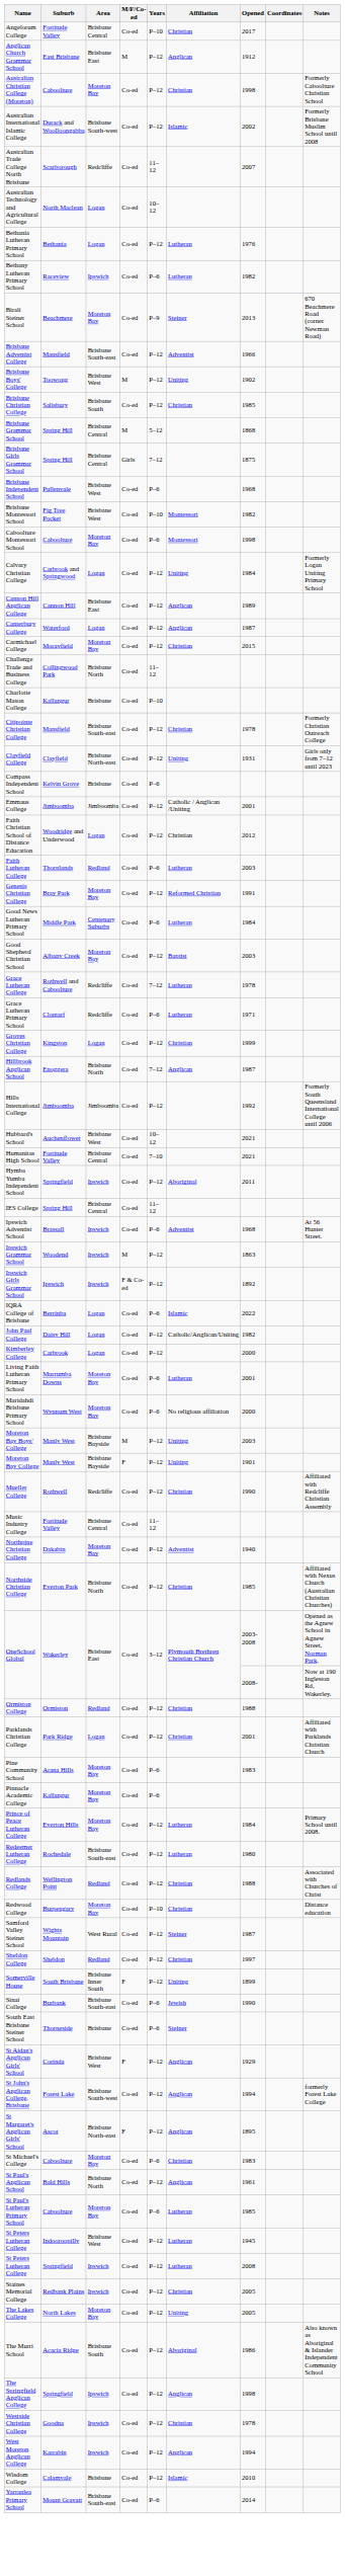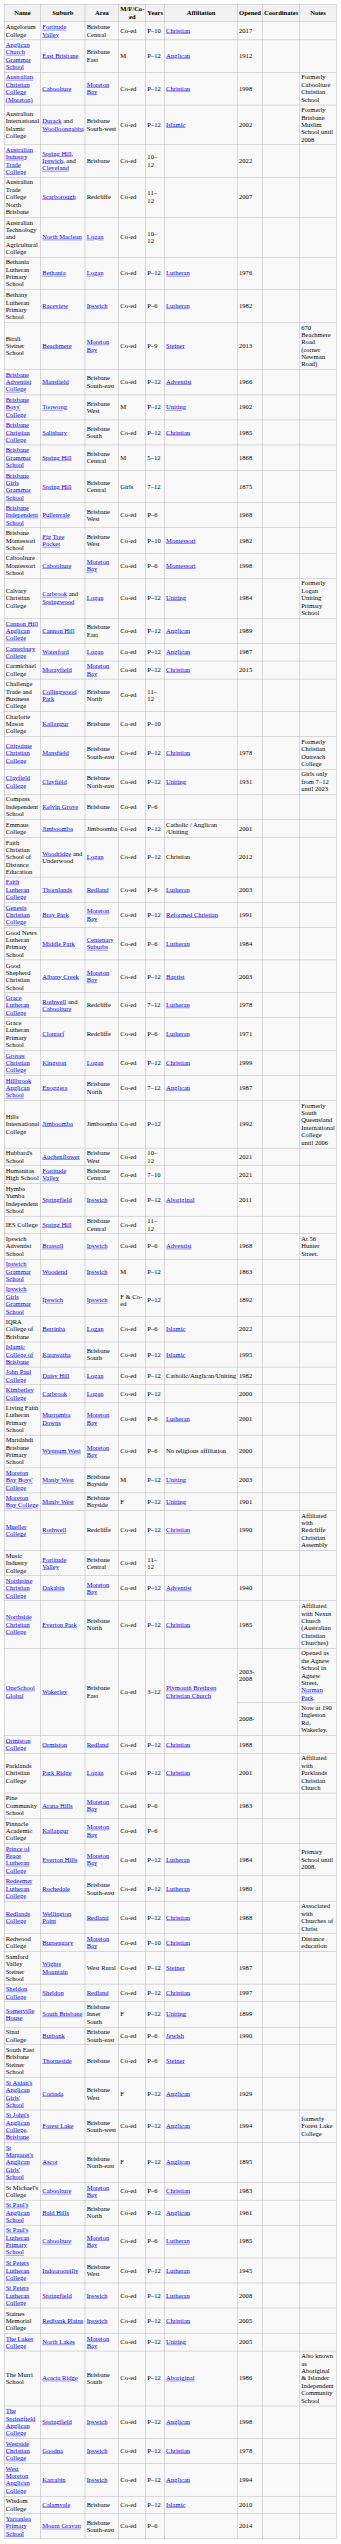 <table class="wikitable sortable">
 <tr>
 <th>Name</th>
 <th>Suburb</th>
 <th>Area</th>
 <th>M/F/Co-ed</th>
 <th>Years</th>
 <th>Affiliation</th>
 <th>Opened</th>
 <th>Coordinates</th>
 <th>Notes</th>
 </tr>
 <tr>
 <td>Angelorum College</td>
 <td><a href='#'>Fortitude Valley</a></td>
 <td>Brisbane Central</td>
 <td>Co-ed</td>
 <td>P–10</td>
 <td><a href='#'>Christian</a></td>
 <td>2017</td>
 <td></td>
 <td></td>
 </tr>
 <tr>
 <td><a href='#'>Anglican Church Grammar School</a></td>
 <td><a href='#'>East Brisbane</a></td>
 <td>Brisbane East</td>
 <td>M</td>
 <td>P–12</td>
 <td><a href='#'>Anglican</a></td>
 <td>1912</td>
 <td></td>
 <td></td>
 </tr>
 <tr>
 <td><a href='#'>Australian Christian College (Moreton)</a></td>
 <td><a href='#'>Caboolture</a></td>
 <td><a href='#'>Moreton Bay</a></td>
 <td>Co-ed</td>
 <td>P–12</td>
 <td><a href='#'>Christian</a></td>
 <td>1998</td>
 <td></td>
 <td>Formerly Caboolture Christian School</td>
 </tr>
 <tr>
 <td>Australian International Islamic College</td>
 <td><a href='#'>Durack</a> and <a href='#'>Woolloongabba</a></td>
 <td>Brisbane South-west</td>
 <td>Co-ed</td>
 <td>P–12</td>
 <td><a href='#'>Islamic</a></td>
 <td>2002</td>
 <td></td>
 <td>Formerly Brisbane Muslim School until 2008</td>
+</tr>
+<tr>
+<td><a href='#'>Australian Industry Trade College</a></td>
+<td><a href='#'>Spring Hill</a>, <a href='#'>Ipswich</a>, and <a href='#'>Cleveland</a></td>
+<td>Brisbane</td>
+<td>Co-ed</td>
+<td>10–12</td>
+<td></td>
+<td>2022</td>
+<td></td>
+<td></td>
 </tr>
 <tr>
 <td>Australian Trade College North Brisbane</td>
 <td><a href='#'>Scarborough</a></td>
 <td>Redcliffe</td>
 <td>Co-ed</td>
 <td>11–12</td>
 <td></td>
 <td>2007</td>
 <td></td>
 <td></td>
 </tr>
 <tr>
 <td>Australian Technology and Agricultural College</td>
 <td><a href='#'>North Maclean</a></td>
 <td><a href='#'>Logan</a></td>
 <td>Co-ed</td>
 <td>10–12</td>
 <td></td>
 <td></td>
 <td></td>
 <td></td>
 </tr>
 <tr>
 <td>Bethania Lutheran Primary School</td>
 <td><a href='#'>Bethania</a></td>
 <td><a href='#'>Logan</a></td>
 <td>Co-ed</td>
 <td>P–12</td>
 <td><a href='#'>Lutheran</a></td>
 <td>1976</td>
 <td></td>
 <td></td>
 </tr>
 <tr>
 <td>Bethany Lutheran Primary School</td>
 <td><a href='#'>Raceview</a></td>
 <td><a href='#'>Ipswich</a></td>
 <td>Co-ed</td>
 <td>P–6</td>
 <td><a href='#'>Lutheran</a></td>
 <td>1982</td>
 <td></td>
 <td></td>
 </tr>
 <tr>
 <td>Birali Steiner School</td>
 <td><a href='#'>Beachmere</a></td>
 <td><a href='#'>Moreton Bay</a></td>
 <td>Co-ed</td>
 <td>P–9</td>
 <td><a href='#'>Steiner</a></td>
 <td>2013</td>
 <td></td>
 <td>670 Beachmere Road (corner Newman Road)</td>
 </tr>
 <tr>
 <td><a href='#'>Brisbane Adventist College</a></td>
 <td><a href='#'>Mansfield</a></td>
 <td>Brisbane South-east</td>
 <td>Co-ed</td>
 <td>P–12</td>
 <td><a href='#'>Adventist</a></td>
 <td>1966</td>
 <td></td>
 <td></td>
 </tr>
 <tr>
 <td><a href='#'>Brisbane Boys' College</a></td>
 <td><a href='#'>Toowong</a></td>
 <td>Brisbane West</td>
 <td>M</td>
 <td>P–12</td>
 <td><a href='#'>Uniting</a></td>
 <td>1902</td>
 <td></td>
 <td></td>
 </tr>
 <tr>
 <td><a href='#'>Brisbane Christian College</a></td>
 <td><a href='#'>Salisbury</a></td>
 <td>Brisbane South</td>
 <td>Co-ed</td>
 <td>P–12</td>
 <td><a href='#'>Christian</a></td>
 <td>1985</td>
 <td></td>
 <td></td>
 </tr>
 <tr>
 <td><a href='#'>Brisbane Grammar School</a></td>
 <td><a href='#'>Spring Hill</a></td>
 <td>Brisbane Central</td>
 <td>M</td>
 <td>5–12</td>
 <td></td>
 <td>1868</td>
 <td></td>
 <td></td>
 </tr>
 <tr>
 <td><a href='#'>Brisbane Girls Grammar School</a></td>
 <td><a href='#'>Spring Hill</a></td>
 <td>Brisbane Central</td>
 <td>Girls</td>
 <td>7–12</td>
 <td></td>
 <td>1875</td>
 <td></td>
 <td></td>
 </tr>
 <tr>
 <td><a href='#'>Brisbane Independent School</a></td>
 <td><a href='#'>Pullenvale</a></td>
 <td>Brisbane West</td>
 <td>Co-ed</td>
 <td>P–6</td>
 <td></td>
 <td>1968</td>
 <td></td>
 <td></td>
 </tr>
 <tr>
 <td>Brisbane Montessori School</td>
 <td><a href='#'>Fig Tree Pocket</a></td>
 <td>Brisbane West</td>
 <td>Co-ed</td>
 <td>P–10</td>
 <td><a href='#'>Montessori</a></td>
 <td>1982</td>
 <td></td>
 <td></td>
 </tr>
 <tr>
 <td>Caboolture Montessori School</td>
 <td><a href='#'>Caboolture</a></td>
 <td><a href='#'>Moreton Bay</a></td>
 <td>Co-ed</td>
 <td>P–6</td>
 <td><a href='#'>Montessori</a></td>
 <td>1998</td>
 <td></td>
 <td></td>
 </tr>
 <tr>
 <td>Calvary Christian College</td>
 <td><a href='#'>Carbrook</a> and <a href='#'>Springwood</a></td>
 <td><a href='#'>Logan</a></td>
 <td>Co-ed</td>
 <td>P–12</td>
 <td><a href='#'>Uniting</a></td>
 <td>1984</td>
 <td></td>
 <td>Formerly Logan Uniting Primary School</td>
 </tr>
 <tr>
 <td><a href='#'>Cannon Hill Anglican College</a></td>
 <td><a href='#'>Cannon Hill</a></td>
 <td>Brisbane East</td>
 <td>Co-ed</td>
 <td>P–12</td>
 <td><a href='#'>Anglican</a></td>
 <td>1989</td>
 <td></td>
 <td></td>
 </tr>
 <tr>
 <td><a href='#'>Canterbury College</a></td>
 <td><a href='#'>Waterford</a></td>
 <td><a href='#'>Logan</a></td>
 <td>Co-ed</td>
 <td>P–12</td>
 <td><a href='#'>Anglican</a></td>
 <td>1987</td>
 <td></td>
 <td></td>
 </tr>
 <tr>
 <td>Carmichael College</td>
 <td><a href='#'>Morayfield</a></td>
 <td><a href='#'>Moreton Bay</a></td>
 <td>Co-ed</td>
 <td>P–12</td>
 <td><a href='#'>Christian</a></td>
 <td>2015</td>
 <td></td>
 <td></td>
 </tr>
 <tr>
 <td>Challenge Trade and Business College</td>
 <td><a href='#'>Collingwood Park</a></td>
 <td>Brisbane North</td>
 <td>Co-ed</td>
 <td>11–12</td>
 <td></td>
 <td></td>
 <td></td>
 <td></td>
 </tr>
 <tr>
 <td>Charlotte Mason College</td>
 <td><a href='#'>Kallangur</a></td>
 <td>Brisbane</td>
 <td>Co-ed</td>
 <td>P–10</td>
 <td></td>
 <td></td>
 <td></td>
 <td></td>
 </tr>
 <tr>
 <td><a href='#'>Citipointe Christian College</a></td>
 <td><a href='#'>Mansfield</a></td>
 <td>Brisbane South-east</td>
 <td>Co-ed</td>
 <td>P–12</td>
 <td><a href='#'>Christian</a></td>
 <td>1978</td>
 <td></td>
 <td>Formerly Christian Outreach College</td>
 </tr>
 <tr>
 <td><a href='#'>Clayfield College</a></td>
 <td><a href='#'>Clayfield</a></td>
 <td>Brisbane North-east</td>
 <td>Co-ed</td>
 <td>P–12</td>
 <td><a href='#'>Uniting</a></td>
 <td>1931</td>
 <td></td>
 <td>Girls only from 7–12 until 2023</td>
 </tr>
 <tr>
 <td>Compass Independent School</td>
 <td><a href='#'>Kelvin Grove</a></td>
 <td>Brisbane</td>
 <td>Co-ed</td>
 <td>P–6</td>
 <td></td>
 <td></td>
 <td></td>
 <td></td>
 </tr>
 <tr>
 <td>Emmaus College</td>
 <td><a href='#'>Jimboomba</a></td>
 <td>Jimboomba</td>
 <td>Co-ed</td>
 <td>P–12</td>
 <td>Catholic / Anglican /Uniting</td>
 <td>2001</td>
 <td></td>
 <td></td>
 </tr>
 <tr>
 <td>Faith Christian School of Distance Education</td>
 <td><a href='#'>Woodridge</a> and Underwood</td>
 <td><a href='#'>Logan</a></td>
 <td>Co-ed</td>
 <td>P–12</td>
 <td>Christian</td>
 <td>2012</td>
 <td></td>
 <td></td>
 </tr>
 <tr>
 <td><a href='#'>Faith Lutheran College</a></td>
 <td><a href='#'>Thornlands</a></td>
 <td><a href='#'>Redland</a></td>
 <td>Co-ed</td>
 <td>P–6</td>
 <td><a href='#'>Lutheran</a></td>
 <td>2003</td>
 <td></td>
 <td></td>
 </tr>
 <tr>
 <td><a href='#'>Genesis Christian College</a></td>
 <td><a href='#'>Bray Park</a></td>
 <td><a href='#'>Moreton Bay</a></td>
 <td>Co-ed</td>
 <td>P–12</td>
 <td><a href='#'>Reformed Christian</a></td>
 <td>1991</td>
 <td></td>
 <td></td>
 </tr>
 <tr>
 <td>Good News Lutheran Primary School</td>
 <td><a href='#'>Middle Park</a></td>
 <td><a href='#'>Centenary Suburbs</a></td>
 <td>Co-ed</td>
 <td>P–6</td>
 <td><a href='#'>Lutheran</a></td>
 <td>1984</td>
 <td></td>
 <td></td>
 </tr>
 <tr>
 <td>Good Shepherd Christian School</td>
 <td><a href='#'>Albany Creek</a></td>
 <td><a href='#'>Moreton Bay</a></td>
 <td>Co-ed</td>
 <td>P–12</td>
 <td><a href='#'>Baptist</a></td>
 <td>2003</td>
 <td></td>
 <td></td>
 </tr>
 <tr>
 <td><a href='#'>Grace Lutheran College</a></td>
 <td><a href='#'>Rothwell</a> and <a href='#'>Caboolture</a></td>
 <td>Redcliffe</td>
 <td>Co-ed</td>
 <td>7–12</td>
 <td><a href='#'>Lutheran</a></td>
 <td>1978</td>
 <td></td>
 <td></td>
 </tr>
 <tr>
 <td>Grace Lutheran Primary School</td>
 <td><a href='#'>Clontarf</a></td>
 <td>Redcliffe</td>
 <td>Co-ed</td>
 <td>P–6</td>
 <td><a href='#'>Lutheran</a></td>
 <td>1971</td>
 <td></td>
 <td></td>
 </tr>
 <tr>
 <td><a href='#'>Groves Christian College</a></td>
 <td><a href='#'>Kingston</a></td>
 <td><a href='#'>Logan</a></td>
 <td>Co-ed</td>
 <td>P–12</td>
 <td><a href='#'>Christian</a></td>
 <td>1999</td>
 <td></td>
 <td></td>
 </tr>
 <tr>
 <td><a href='#'>Hillbrook Anglican School</a></td>
 <td><a href='#'>Enoggera</a></td>
 <td>Brisbane North</td>
 <td>Co-ed</td>
 <td>7–12</td>
 <td><a href='#'>Anglican</a></td>
 <td>1987</td>
 <td></td>
 <td></td>
 </tr>
 <tr>
 <td>Hills International College</td>
 <td><a href='#'>Jimboomba</a></td>
 <td>Jimboomba</td>
 <td>Co-ed</td>
 <td>P–12</td>
 <td></td>
 <td>1992</td>
 <td></td>
 <td>Formerly South Queensland International College until 2006</td>
 </tr>
 <tr>
 <td>Hubbard's School</td>
 <td><a href='#'>Auchenflower</a></td>
 <td>Brisbane West</td>
 <td>Co-ed</td>
 <td>10–12</td>
 <td></td>
 <td>2021</td>
 <td></td>
 <td></td>
 </tr>
 <tr>
 <td>Humanitas High School</td>
 <td><a href='#'>Fortitude Valley</a></td>
 <td>Brisbane Central</td>
 <td>Co-ed</td>
 <td>7–10</td>
 <td></td>
 <td>2021</td>
 <td></td>
 <td></td>
 </tr>
 <tr>
 <td>Hymba Yumba Independent School</td>
 <td><a href='#'>Springfield</a></td>
 <td><a href='#'>Ipswich</a></td>
 <td>Co-ed</td>
 <td>P–12</td>
 <td><a href='#'>Aboriginal</a></td>
 <td>2011</td>
 <td></td>
 <td></td>
 </tr>
 <tr>
 <td>IES College</td>
 <td><a href='#'>Spring Hill</a></td>
 <td>Brisbane Central</td>
 <td>Co-ed</td>
 <td>11–12</td>
 <td></td>
 <td></td>
 <td></td>
 <td></td>
 </tr>
 <tr>
 <td>Ipswich Adventist School</td>
 <td><a href='#'>Brassall</a></td>
 <td><a href='#'>Ipswich</a></td>
 <td>Co-ed</td>
 <td>P–6</td>
 <td><a href='#'>Adventist</a></td>
 <td>1968</td>
 <td></td>
 <td>At 56 Hunter Street.</td>
 </tr>
 <tr>
 <td><a href='#'>Ipswich Grammar School</a></td>
 <td><a href='#'>Woodend</a></td>
 <td><a href='#'>Ipswich</a></td>
 <td>M</td>
 <td>P–12</td>
 <td></td>
 <td>1863</td>
 <td></td>
 <td></td>
 </tr>
 <tr>
 <td><a href='#'>Ipswich Girls Grammar School</a></td>
 <td><a href='#'>Ipswich</a></td>
 <td><a href='#'>Ipswich</a></td>
 <td>F & Co-ed</td>
 <td>P–12</td>
 <td></td>
 <td>1892</td>
 <td></td>
 <td></td>
 </tr>
 <tr>
 <td>IQRA College of Brisbane</td>
 <td><a href='#'>Berrinba</a></td>
 <td><a href='#'>Logan</a></td>
 <td>Co-ed</td>
 <td>P–6</td>
 <td><a href='#'>Islamic</a></td>
 <td>2022</td>
 <td></td>
 <td></td>
 </tr>
 <tr>
+<td><a href='#'>Islamic College of Brisbane</a></td>
+<td><a href='#'>Karawatha</a></td>
+<td>Brisbane South</td>
+<td>Co-ed</td>
+<td>P–12</td>
+<td><a href='#'>Islamic</a></td>
+<td>1995</td>
+<td></td>
+<td></td>
+</tr>
+<tr>
 <td><a href='#'>John Paul College</a></td>
 <td><a href='#'>Daisy Hill</a></td>
 <td><a href='#'>Logan</a></td>
 <td>Co-ed</td>
 <td>P–12</td>
 <td>Catholic/Anglican/Uniting</td>
 <td>1982</td>
 <td></td>
 <td></td>
 </tr>
 <tr>
 <td><a href='#'>Kimberley College</a></td>
 <td><a href='#'>Carbrook</a></td>
 <td><a href='#'>Logan</a></td>
 <td>Co-ed</td>
 <td>P–12</td>
 <td></td>
 <td>2000</td>
 <td></td>
 <td></td>
 </tr>
 <tr>
 <td>Living Faith Lutheran Primary School</td>
 <td><a href='#'>Murrumba Downs</a></td>
 <td><a href='#'>Moreton Bay</a></td>
 <td>Co-ed</td>
 <td>P–6</td>
 <td><a href='#'>Lutheran</a></td>
 <td>2001</td>
 <td></td>
 <td></td>
 </tr>
 <tr>
 <td>Maridahdi Brisbane Primary School</td>
 <td><a href='#'>Wynnum West</a></td>
 <td><a href='#'>Moreton Bay</a></td>
 <td>Co-ed</td>
 <td>P–6</td>
 <td>No religious affiliation</td>
 <td>2000</td>
 <td></td>
 <td></td>
 </tr>
 <tr>
 <td><a href='#'>Moreton Bay Boys' College</a></td>
 <td><a href='#'>Manly West</a></td>
 <td>Brisbane Bayside</td>
 <td>M</td>
 <td>P–12</td>
 <td><a href='#'>Uniting</a></td>
 <td>2003</td>
 <td></td>
 <td></td>
 </tr>
 <tr>
 <td><a href='#'>Moreton Bay College</a></td>
 <td><a href='#'>Manly West</a></td>
 <td>Brisbane Bayside</td>
 <td>F</td>
 <td>P–12</td>
 <td><a href='#'>Uniting</a></td>
 <td>1901</td>
 <td></td>
 <td></td>
 </tr>
 <tr>
 <td><a href='#'>Mueller College</a></td>
 <td><a href='#'>Rothwell</a></td>
 <td>Redcliffe</td>
 <td>Co-ed</td>
 <td>P–12</td>
 <td><a href='#'>Christian</a></td>
 <td>1990</td>
 <td></td>
 <td>Affiliated with Redcliffe Christian Assembly</td>
 </tr>
 <tr>
 <td>Music Industry College</td>
 <td><a href='#'>Fortitude Valley</a></td>
 <td>Brisbane Central</td>
 <td>Co-ed</td>
 <td>11–12</td>
 <td></td>
 <td></td>
 <td></td>
 <td></td>
 </tr>
 <tr>
 <td><a href='#'>Northpine Christian College</a></td>
 <td><a href='#'>Dakabin</a></td>
 <td><a href='#'>Moreton Bay</a></td>
 <td>Co-ed</td>
 <td>P–12</td>
 <td><a href='#'>Adventist</a></td>
 <td>1940</td>
 <td></td>
 <td></td>
 </tr>
 <tr>
 <td><a href='#'>Northside Christian College</a></td>
 <td><a href='#'>Everton Park</a></td>
 <td>Brisbane North</td>
 <td>Co-ed</td>
 <td>P–12</td>
 <td><a href='#'>Christian</a></td>
 <td>1985</td>
 <td></td>
 <td>Affiliated with Nexus Church (Australian Christian Churches)</td>
 </tr>
 <tr>
 <td rowspan="2"><a href='#'>OneSchool Global</a></td>
 <td rowspan="2"><a href='#'>Wakerley</a></td>
 <td rowspan="2">Brisbane East</td>
 <td rowspan="2">Co-ed</td>
 <td rowspan="2">3–12</td>
 <td rowspan="2"><a href='#'>Plymouth Brethren Christian Church</a></td>
 <td>2003-2008</td>
 <td></td>
 <td>Opened as the Agnew School in Agnew Street, <a href='#'>Norman Park</a>.</td>
 </tr>
 <tr>
 <td>2008-</td>
 <td></td>
 <td>Now at 190 Ingleston Rd, Wakerley.</td>
 </tr>
 <tr>
 <td><a href='#'>Ormiston College</a></td>
 <td><a href='#'>Ormiston</a></td>
 <td><a href='#'>Redland</a></td>
 <td>Co-ed</td>
 <td>P–12</td>
 <td><a href='#'>Christian</a></td>
 <td>1988</td>
 <td></td>
 <td></td>
 </tr>
 <tr>
 <td>Parklands Christian College</td>
 <td><a href='#'>Park Ridge</a></td>
 <td><a href='#'>Logan</a></td>
 <td>Co-ed</td>
 <td>P–12</td>
 <td><a href='#'>Christian</a></td>
 <td>2001</td>
 <td></td>
 <td>Affiliated with Parklands Christian Church</td>
 </tr>
 <tr>
 <td>Pine Community School</td>
 <td><a href='#'>Arana Hills</a></td>
 <td><a href='#'>Moreton Bay</a></td>
 <td>Co-ed</td>
 <td>P–6</td>
 <td></td>
 <td>1983</td>
 <td></td>
 <td></td>
 </tr>
 <tr>
 <td>Pinnacle Academic College</td>
 <td><a href='#'>Kallangur</a></td>
 <td><a href='#'>Moreton Bay</a></td>
 <td>Co-ed</td>
 <td>P–6</td>
 <td></td>
 <td></td>
 <td></td>
 <td></td>
 </tr>
 <tr>
 <td><a href='#'>Prince of Peace Lutheran College</a></td>
 <td><a href='#'>Everton Hills</a></td>
 <td><a href='#'>Moreton Bay</a></td>
 <td>Co-ed</td>
 <td>P–12</td>
 <td><a href='#'>Lutheran</a></td>
 <td>1984</td>
 <td></td>
 <td>Primary School until 2008.</td>
 </tr>
 <tr>
 <td><a href='#'>Redeemer Lutheran College</a></td>
 <td><a href='#'>Rochedale</a></td>
 <td>Brisbane South-east</td>
 <td>Co-ed</td>
 <td>P–12</td>
 <td><a href='#'>Lutheran</a></td>
 <td>1980</td>
 <td></td>
 <td></td>
 </tr>
 <tr>
 <td><a href='#'>Redlands College</a></td>
 <td><a href='#'>Wellington Point</a></td>
 <td><a href='#'>Redland</a></td>
 <td>Co-ed</td>
 <td>P–12</td>
 <td><a href='#'>Christian</a></td>
 <td>1988</td>
 <td></td>
 <td>Associated with Churches of Christ</td>
 </tr>
 <tr>
 <td>Redwood College</td>
 <td><a href='#'>Burpengary</a></td>
 <td><a href='#'>Moreton Bay</a></td>
 <td>Co-ed</td>
 <td>P–10</td>
 <td><a href='#'>Christian</a></td>
 <td></td>
 <td></td>
 <td>Distance education</td>
 </tr>
 <tr>
 <td>Samford Valley Steiner School</td>
 <td><a href='#'>Wights Mountain</a></td>
 <td>West Rural</td>
 <td>Co-ed</td>
 <td>P–12</td>
 <td><a href='#'>Steiner</a></td>
 <td>1987</td>
 <td></td>
 <td></td>
 </tr>
 <tr>
 <td><a href='#'>Sheldon College</a></td>
 <td><a href='#'>Sheldon</a></td>
 <td><a href='#'>Redland</a></td>
 <td>Co-ed</td>
 <td>P–12</td>
 <td><a href='#'>Christian</a></td>
 <td>1997</td>
 <td></td>
 <td></td>
 </tr>
 <tr>
 <td><a href='#'>Somerville House</a></td>
 <td><a href='#'>South Brisbane</a></td>
 <td>Brisbane Inner South</td>
 <td>F</td>
 <td>P–12</td>
 <td><a href='#'>Uniting</a></td>
 <td>1899</td>
 <td></td>
 <td></td>
 </tr>
 <tr>
 <td>Sinai College</td>
 <td><a href='#'>Burbank</a></td>
 <td>Brisbane South-east</td>
 <td>Co-ed</td>
 <td>P–6</td>
 <td><a href='#'>Jewish</a></td>
 <td>1990</td>
 <td></td>
 <td></td>
 </tr>
 <tr>
 <td>South East Brisbane Steiner School</td>
 <td><a href='#'>Thorneside</a></td>
 <td>Brisbane</td>
 <td>Co-ed</td>
 <td>P–6</td>
 <td><a href='#'>Steiner</a></td>
 <td></td>
 <td></td>
 <td></td>
 </tr>
 <tr>
 <td><a href='#'>St Aidan's Anglican Girls' School</a></td>
 <td><a href='#'>Corinda</a></td>
 <td>Brisbane West</td>
 <td>F</td>
 <td>P–12</td>
 <td><a href='#'>Anglican</a></td>
 <td>1929</td>
 <td></td>
 <td></td>
 </tr>
 <tr>
 <td><a href='#'>St John's Anglican College, Brisbane</a></td>
 <td><a href='#'>Forest Lake</a></td>
 <td>Brisbane South-west</td>
 <td>Co-ed</td>
 <td>P–12</td>
 <td><a href='#'>Anglican</a></td>
 <td>1994</td>
 <td></td>
 <td>formerly Forest Lake College</td>
 </tr>
 <tr>
 <td><a href='#'>St Margaret's Anglican Girls' School</a></td>
 <td><a href='#'>Ascot</a></td>
 <td>Brisbane North-east</td>
 <td>F</td>
 <td>P–12</td>
 <td><a href='#'>Anglican</a></td>
 <td>1895</td>
 <td></td>
 <td></td>
 </tr>
 <tr>
 <td>St Michael's College</td>
 <td><a href='#'>Caboolture</a></td>
 <td><a href='#'>Moreton Bay</a></td>
 <td>Co-ed</td>
 <td>P–6</td>
 <td><a href='#'>Christian</a></td>
 <td>1983</td>
 <td></td>
 <td></td>
 </tr>
 <tr>
 <td><a href='#'>St Paul's Anglican School</a></td>
 <td><a href='#'>Bald Hills</a></td>
 <td>Brisbane North</td>
 <td>Co-ed</td>
 <td>P–12</td>
 <td><a href='#'>Anglican</a></td>
 <td>1961</td>
 <td></td>
 <td></td>
 </tr>
 <tr>
 <td><a href='#'>St Paul's Lutheran Primary School</a></td>
 <td><a href='#'>Caboolture</a></td>
 <td><a href='#'>Moreton Bay</a></td>
 <td>Co-ed</td>
 <td>P–6</td>
 <td><a href='#'>Lutheran</a></td>
 <td>1985</td>
 <td></td>
 <td></td>
 </tr>
 <tr>
 <td><a href='#'>St Peters Lutheran College</a></td>
 <td><a href='#'>Indooroopilly</a></td>
 <td>Brisbane West</td>
 <td>Co-ed</td>
 <td>P–12</td>
 <td><a href='#'>Lutheran</a></td>
 <td>1945</td>
 <td></td>
 <td></td>
 </tr>
 <tr>
 <td><a href='#'>St Peters Lutheran College</a></td>
 <td><a href='#'>Springfield</a></td>
 <td><a href='#'>Ipswich</a></td>
 <td>Co-ed</td>
 <td>P–12</td>
 <td><a href='#'>Lutheran</a></td>
 <td>2008</td>
 <td></td>
 <td></td>
 </tr>
 <tr>
 <td>Staines Memorial College</td>
 <td><a href='#'>Redbank Plains</a></td>
 <td><a href='#'>Ipswich</a></td>
 <td>Co-ed</td>
 <td>P–12</td>
 <td><a href='#'>Christian</a></td>
 <td>2005</td>
 <td></td>
 <td></td>
 </tr>
 <tr>
 <td><a href='#'>The Lakes College</a></td>
 <td><a href='#'>North Lakes</a></td>
 <td><a href='#'>Moreton Bay</a></td>
 <td>Co-ed</td>
 <td>P–12</td>
 <td><a href='#'>Uniting</a></td>
 <td>2005</td>
 <td></td>
 <td></td>
 </tr>
 <tr>
 <td>The Murri School</td>
 <td><a href='#'>Acacia Ridge</a></td>
 <td>Brisbane South</td>
 <td>Co-ed</td>
 <td>P–12</td>
 <td><a href='#'>Aboriginal</a></td>
 <td>1986</td>
 <td></td>
 <td>Also known as Aboriginal & Islander Independent Community School</td>
 </tr>
 <tr>
 <td><a href='#'>The Springfield Anglican College</a></td>
 <td><a href='#'>Springfield</a></td>
 <td><a href='#'>Ipswich</a></td>
 <td>Co-ed</td>
 <td>P–12</td>
 <td><a href='#'>Anglican</a></td>
 <td>1998</td>
 <td></td>
 <td></td>
 </tr>
 <tr>
 <td><a href='#'>Westside Christian College</a></td>
 <td><a href='#'>Goodna</a></td>
 <td><a href='#'>Ipswich</a></td>
 <td>Co-ed</td>
 <td>P–12</td>
 <td><a href='#'>Christian</a></td>
 <td>1978</td>
 <td></td>
 <td></td>
 </tr>
 <tr>
 <td><a href='#'>West Moreton Anglican College</a></td>
 <td><a href='#'>Karrabin</a></td>
 <td><a href='#'>Ipswich</a></td>
 <td>Co-ed</td>
 <td>P–12</td>
 <td><a href='#'>Anglican</a></td>
 <td>1994</td>
 <td></td>
 <td></td>
 </tr>
 <tr>
 <td>Wisdom College</td>
 <td><a href='#'>Calamvale</a></td>
 <td>Brisbane</td>
 <td>Co-ed</td>
 <td>P–12</td>
 <td><a href='#'>Islamic</a></td>
 <td>2010</td>
 <td></td>
 <td></td>
 </tr>
 <tr>
 <td><a href='#'>Yarranlea Primary School</a></td>
 <td><a href='#'>Mount Gravatt</a></td>
 <td>Brisbane South-east</td>
 <td>Co-ed</td>
 <td>P–6</td>
 <td></td>
 <td>2014</td>
 <td></td>
 <td></td>
 </tr>
 </table>
